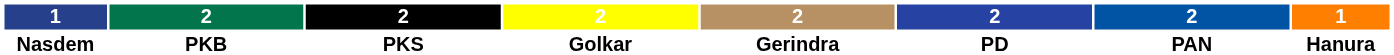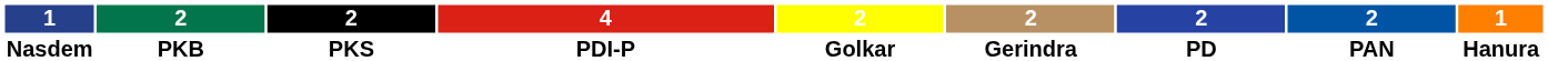 <table style="width:88%; text-align:center;">
 <tr style="color:white;">
 <td style="background:#27408B; width:5.6%;"><strong>1</strong></td>
 <td style="background:#02754C; width:11.1%;"><strong>2</strong></td>
 <td style="background:#000000; width:11.1%;"><strong>2</strong></td>
+<td style="background:#DB2016; width:22.2%;"><strong>4</strong></td>
 <td style="background:#FFFF00; width:11.1%;"><strong>2</strong></td>
 <td style="background:#B79164; width:11.1%;"><strong>2</strong></td>
 <td style="background:#2643A3; width:11.1%;"><strong>2</strong></td>
 <td style="background:#0054A3; width:11.1%;"><strong>2</strong></td>
 <td style="background:#FF7F00; width:5.6%;"><strong>1</strong></td>
 </tr>
 <tr>
 <td><span><strong>Nasdem</strong></span></td>
 <td><span><strong>PKB</strong></span></td>
 <td><span><strong>PKS</strong></span></td>
+<td><span><strong>PDI-P</strong></span></td>
 <td><span><strong>Golkar</strong></span></td>
 <td><span><strong>Gerindra</strong></span></td>
 <td><span><strong>PD</strong></span></td>
 <td><span><strong>PAN</strong></span></td>
 <td><span><strong>Hanura</strong></span></td>
 </tr>
 </table>
